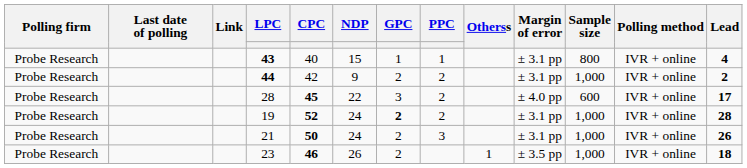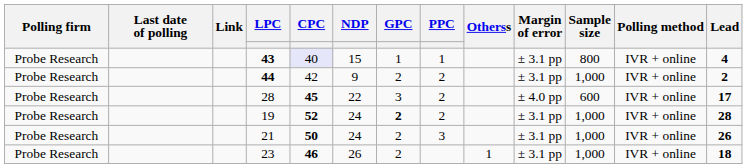 <table class="wikitable sortable mw-datatable" style="text-align:center;font-size:90%;line-height:14px;">
 <tr style="height:40px;">
 <th style="width:105px;" rowspan="2">Polling firm</th>
 <th style="width:105px;" rowspan="2">Last date<br>of polling</th>
 <th rowspan="2">Link</th>
 <th style="width:40px;"><a href='#'>LPC</a></th>
 <th style="width:40px;"><a href='#'>CPC</a></th>
 <th style="width:40px;"><a href='#'>NDP</a></th>
 <th style="width:40px;"><a href='#'>GPC</a></th>
 <th style="width:40px;"><a href='#'>PPC</a></th>
 <th rowspan="2" style="width:40px"><a href='#'>Others</a>s</th>
 <th rowspan="2">Margin<br>of error</th>
 <th rowspan="2">Sample<br>size</th>
 <th rowspan="2">Polling method</th>
 <th rowspan="2">Lead</th>
 </tr>
 <tr class="sorttop">
 <th style="background:"></th>
 <th style="background:"></th>
 <th style="background:"></th>
 <th style="background:"></th>
 <th style="background:"></th>
 </tr>
 <tr>
 <td>Probe Research</td>
 <td></td>
 <td></td>
 <td><strong>43</strong></td>
-<td>40</td>
+<td style="background: lavender;">40</td>
 <td>15</td>
 <td>1</td>
 <td>1</td>
 <td></td>
 <td>± 3.1 pp</td>
 <td>800</td>
 <td>IVR + online</td>
 <td><strong>4</strong></td>
 </tr>
 <tr>
 <td>Probe Research</td>
 <td></td>
 <td></td>
 <td><strong>44</strong></td>
 <td>42</td>
 <td>9</td>
 <td>2</td>
 <td>2</td>
 <td></td>
 <td>± 3.1 pp</td>
 <td>1,000</td>
 <td>IVR + online</td>
 <td><strong>2</strong></td>
 </tr>
 <tr>
 <td>Probe Research</td>
 <td></td>
 <td></td>
 <td>28</td>
 <td><strong>45</strong></td>
 <td>22</td>
 <td>3</td>
 <td>2</td>
 <td></td>
 <td>± 4.0 pp</td>
 <td>600</td>
 <td>IVR + online</td>
 <td><strong>17</strong></td>
 </tr>
 <tr>
 <td>Probe Research</td>
 <td></td>
 <td></td>
 <td>19</td>
 <td><strong>52</strong></td>
 <td>24</td>
 <td><strong>2</strong></td>
 <td>2</td>
 <td></td>
 <td>± 3.1 pp</td>
 <td>1,000</td>
 <td>IVR + online</td>
 <td><strong>28</strong></td>
 </tr>
 <tr>
 <td>Probe Research</td>
 <td></td>
 <td></td>
 <td>21</td>
 <td><strong>50</strong></td>
 <td>24</td>
 <td>2</td>
 <td>3</td>
 <td></td>
 <td>± 3.1 pp</td>
 <td>1,000</td>
 <td>IVR + online</td>
 <td><strong>26</strong></td>
 </tr>
 <tr>
 <td>Probe Research</td>
 <td></td>
 <td></td>
 <td>23</td>
 <td><strong>46</strong></td>
 <td>26</td>
 <td>2</td>
 <td></td>
 <td>1</td>
-<td>± 3.5 pp</td>
+<td>± 3.1 pp</td>
 <td>1,000</td>
 <td>IVR + online</td>
 <td><strong>18</strong></td>
 </tr>
 </table>
